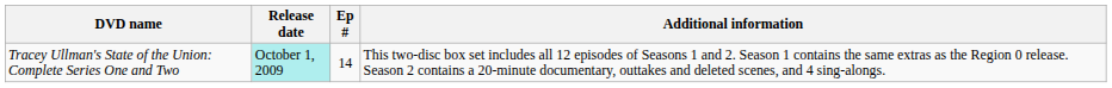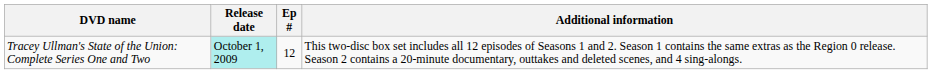 <table class="wikitable">
 <tr>
 <th>DVD name</th>
 <th>Release date</th>
 <th>Ep #</th>
 <th>Additional information</th>
 </tr>
 <tr>
 <td><em>Tracey Ullman's State of the Union: Complete Series One and Two</em></td>
 <td style="background: paleturquoise;">October 1, 2009</td>
-<td style="text-align:center;">14</td>
+<td style="text-align:center;">12</td>
 <td>This two-disc box set includes all 12 episodes of Seasons 1 and 2.  Season 1 contains the same extras as the Region 0 release.  Season 2 contains a 20-minute documentary, outtakes and deleted scenes, and 4 sing-alongs.</td>
 </tr>
 </table>
